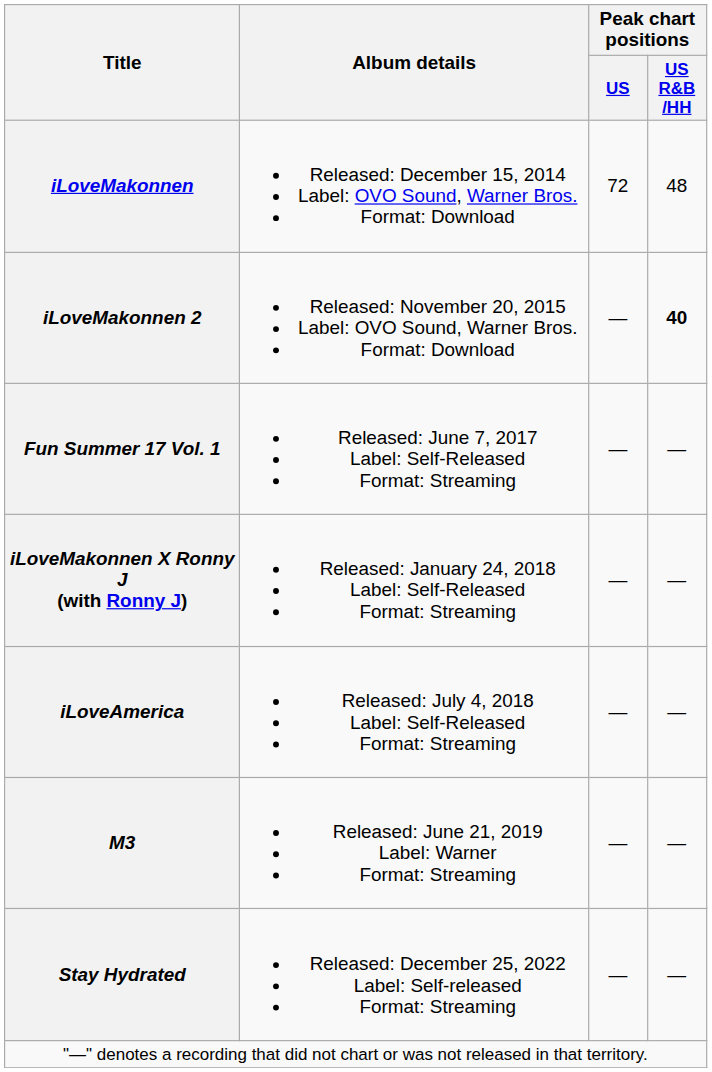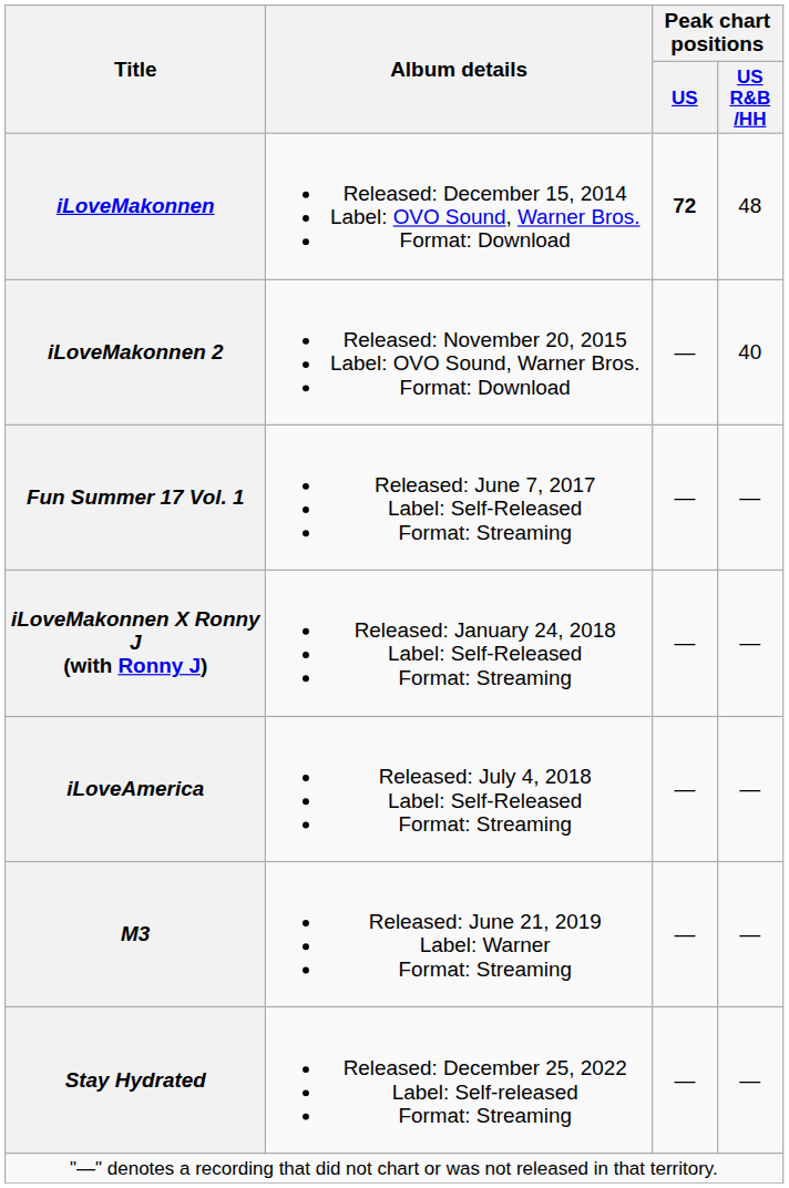 <table class="wikitable plainrowheaders" style="text-align:center;">
 <tr>
 <th scope="col" rowspan="2" style="width:12em;">Title</th>
 <th scope="col" rowspan="2" style="width:18em;">Album details</th>
 <th scope="col" colspan="2">Peak chart positions</th>
 </tr>
 <tr>
 <th scope="col" style="width:3em;font-size:90%;"><a href='#'>US</a><br></th>
 <th scope="col" style="width:3em;font-size:90%;"><a href='#'>US<br>R&B<br>/HH</a><br></th>
 </tr>
 <tr>
 <th scope="row"><em><a href='#'>iLoveMakonnen</a></em></th>
 <td><br><ul><li>Released: December 15, 2014</li><li>Label: <a href='#'>OVO Sound</a>, <a href='#'>Warner Bros.</a></li><li>Format: Download</li></ul></td>
-<td>72</td>
+<td><strong>72</strong></td>
 <td>48</td>
 </tr>
 <tr>
 <th scope="row"><em>iLoveMakonnen 2</em></th>
 <td><br><ul><li>Released: November 20, 2015</li><li>Label: OVO Sound, Warner Bros.</li><li>Format: Download</li></ul></td>
 <td>—</td>
-<td><strong>40</strong></td>
+<td>40</td>
 </tr>
 <tr>
 <th scope="row"><em>Fun Summer 17 Vol. 1</em></th>
 <td><br><ul><li>Released: June 7, 2017</li><li>Label: Self-Released</li><li>Format: Streaming</li></ul></td>
 <td>—</td>
 <td>—</td>
 </tr>
 <tr>
 <th scope="row"><em>iLoveMakonnen X Ronny J</em><br><span>(with <a href='#'>Ronny J</a>)</span></th>
 <td><br><ul><li>Released: January 24, 2018</li><li>Label: Self-Released</li><li>Format: Streaming</li></ul></td>
 <td>—</td>
 <td>—</td>
 </tr>
 <tr>
 <th scope="row"><em>iLoveAmerica</em></th>
 <td><br><ul><li>Released: July 4, 2018</li><li>Label: Self-Released</li><li>Format: Streaming</li></ul></td>
 <td>—</td>
 <td>—</td>
 </tr>
 <tr>
 <th scope="row"><em>M3</em></th>
 <td><br><ul><li>Released: June 21, 2019</li><li>Label: Warner</li><li>Format: Streaming</li></ul></td>
 <td>—</td>
 <td>—</td>
 </tr>
 <tr>
 <th scope="row"><em>Stay Hydrated</em></th>
 <td><br><ul><li>Released: December 25, 2022</li><li>Label: Self-released</li><li>Format: Streaming</li></ul></td>
 <td>—</td>
 <td>—</td>
 </tr>
 <tr>
 <td colspan="5" style="font-size:90%">"—" denotes a recording that did not chart or was not released in that territory.</td>
 </tr>
 </table>
